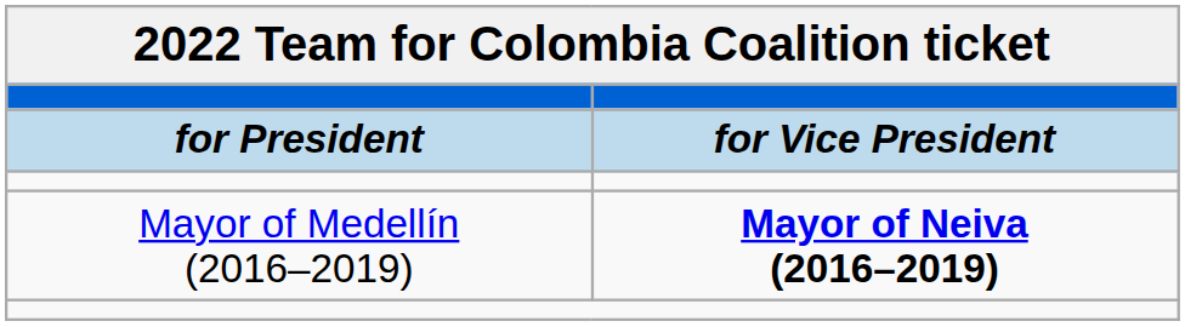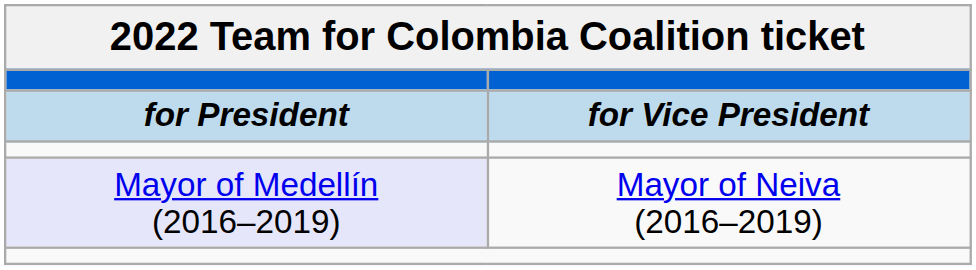 <table class="wikitable" style="font-size:90%;text-align:center">
 <tr>
 <td style="background:#F1F1F1" colspan="30"><big><strong>2022 Team for Colombia Coalition ticket </strong></big></td>
 </tr>
 <tr>
 <th style="width:3em; font-size:135%; background:#0061D3; width:200px;"></th>
 <th style="width:3em; font-size:135%; background:#0061D3; width:200px;"></th>
 </tr>
 <tr style="color:#000; font-size:100%; background:#BEDBED;">
 <td style="width:3em; width:200px;"><strong><em>for President</em></strong></td>
 <td style="width:3em; width:200px;"><strong><em>for Vice President</em></strong></td>
 </tr>
 <tr>
 <td></td>
 <td></td>
 </tr>
 <tr>
-<td><a href='#'>Mayor of Medellín</a><br>(2016–2019)</td>
-<td><strong><a href='#'>Mayor of Neiva</a><br>(2016–2019)</strong></td>
+<td style="background: lavender;"><a href='#'>Mayor of Medellín</a><br>(2016–2019)</td>
+<td><a href='#'>Mayor of Neiva</a><br>(2016–2019)</td>
 </tr>
 <tr>
 <td colspan="2"></td>
 </tr>
 </table>
